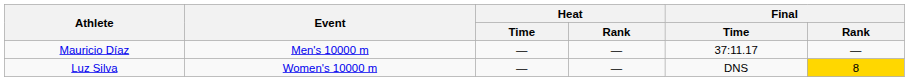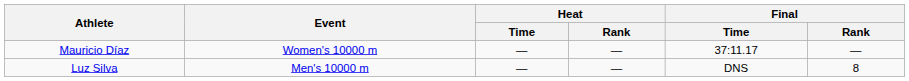 <table class="wikitable" style="font-size:95%; text-align:center;" width="95%">
 <tr>
 <th rowspan="2">Athlete</th>
 <th rowspan="2">Event</th>
 <th colspan="2">Heat</th>
 <th colspan="2">Final</th>
 </tr>
 <tr>
 <th>Time</th>
 <th>Rank</th>
 <th>Time</th>
 <th>Rank</th>
 </tr>
 <tr>
 <td width=20%><a href='#'>Mauricio Díaz</a></td>
-<td><a href='#'>Men's 10000 m</a></td>
+<td><a href='#'>Women's 10000 m</a></td>
 <td>—</td>
 <td>—</td>
 <td>37:11.17</td>
 <td>—</td>
 </tr>
 <tr>
 <td width=20%><a href='#'>Luz Silva</a></td>
-<td><a href='#'>Women's 10000 m</a></td>
+<td><a href='#'>Men's 10000 m</a></td>
 <td>—</td>
 <td>—</td>
 <td>DNS</td>
-<td style="background: gold;">8</td>
+<td>8</td>
 </tr>
 </table>
